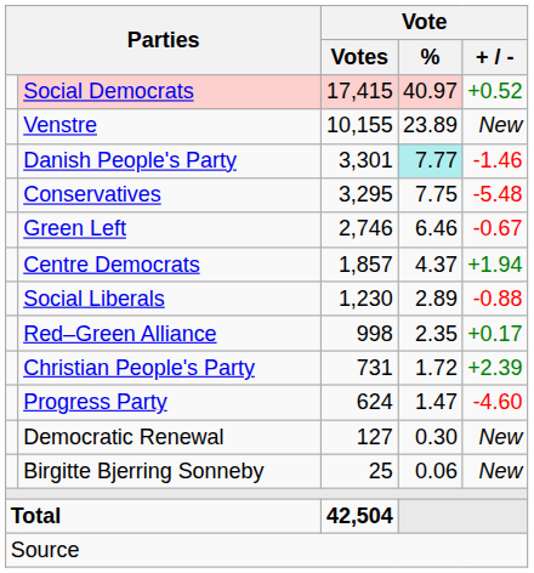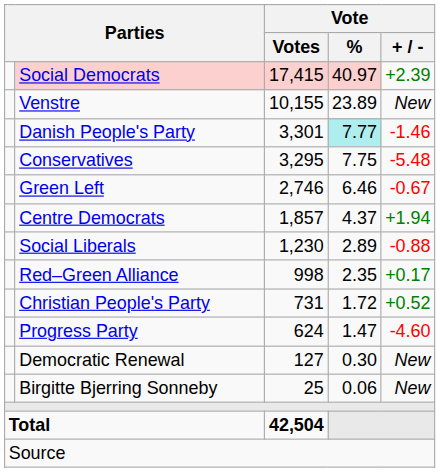 <table class="wikitable" style="text-align:right;">
 <tr>
 <th style="text-align:centre;" rowspan="2" colspan="2" width="225">Parties</th>
 <th colspan="3">Vote</th>
 </tr>
 <tr>
 <th width="15">Votes</th>
 <th width="15">%</th>
 <th width="15">+ / -</th>
 </tr>
 <tr>
 <td width="2" style="color:inherit;background:"></td>
 <td bgcolor=#fbd0ce  align="left"><a href='#'>Social Democrats</a></td>
 <td bgcolor=#fbd0ce>17,415</td>
 <td bgcolor=#fbd0ce>40.97</td>
-<td style=color:green;>+0.52</td>
+<td style=color:green;>+2.39</td>
 </tr>
 <tr>
 <td width="2" style="color:inherit;background:"></td>
 <td align="left"><a href='#'>Venstre</a></td>
 <td>10,155</td>
 <td>23.89</td>
 <td><em>New</em></td>
 </tr>
 <tr>
 <td width="2" style="color:inherit;background:"></td>
 <td align="left"><a href='#'>Danish People's Party</a></td>
 <td>3,301</td>
 <td style="background: paleturquoise;">7.77</td>
 <td style=color:red;>-1.46</td>
 </tr>
 <tr>
 <td width="2" style="color:inherit;background:"></td>
 <td align="left"><a href='#'>Conservatives</a></td>
 <td>3,295</td>
 <td>7.75</td>
 <td style=color:red;>-5.48</td>
 </tr>
 <tr>
 <td width="2" style="color:inherit;background:"></td>
 <td align="left"><a href='#'>Green Left</a></td>
 <td>2,746</td>
 <td>6.46</td>
 <td style=color:red;>-0.67</td>
 </tr>
 <tr>
 <td width="2" style="color:inherit;background:"></td>
 <td align="left"><a href='#'>Centre Democrats</a></td>
 <td>1,857</td>
 <td>4.37</td>
 <td style=color:green;>+1.94</td>
 </tr>
 <tr>
 <td width="2" style="color:inherit;background:"></td>
 <td align="left"><a href='#'>Social Liberals</a></td>
 <td>1,230</td>
 <td>2.89</td>
 <td style=color:red;>-0.88</td>
 </tr>
 <tr>
 <td width="2" style="color:inherit;background:"></td>
 <td align="left"><a href='#'>Red–Green Alliance</a></td>
 <td>998</td>
 <td>2.35</td>
 <td style=color:green;>+0.17</td>
 </tr>
 <tr>
 <td width="2" style="color:inherit;background:"></td>
 <td align="left"><a href='#'>Christian People's Party</a></td>
 <td>731</td>
 <td>1.72</td>
-<td style=color:green;>+2.39</td>
+<td style=color:green;>+0.52</td>
 </tr>
 <tr>
 <td width="2" style="color:inherit;background:"></td>
 <td align="left"><a href='#'>Progress Party</a></td>
 <td>624</td>
 <td>1.47</td>
 <td style=color:red;>-4.60</td>
 </tr>
 <tr>
 <td width="2" style="color:inherit;background:"></td>
 <td align="left">Democratic Renewal</td>
 <td>127</td>
 <td>0.30</td>
 <td><em>New</em></td>
 </tr>
 <tr>
 <td width="2" style="color:inherit;background:"></td>
 <td align="left">Birgitte Bjerring Sonneby</td>
 <td>25</td>
 <td>0.06</td>
 <td><em>New</em></td>
 </tr>
 <tr>
 <td colspan="7" bgcolor="#E9E9E9"></td>
 </tr>
 <tr>
 <td align="left" colspan="2"><strong>Total</strong></td>
 <td><strong>42,504</strong></td>
 <td bgcolor="#E9E9E9" colspan="2"></td>
 </tr>
 <tr>
 <td align="left" colspan="6">Source</td>
 </tr>
 </table>
